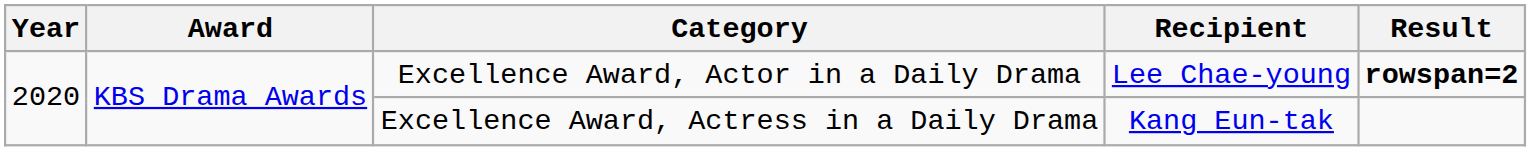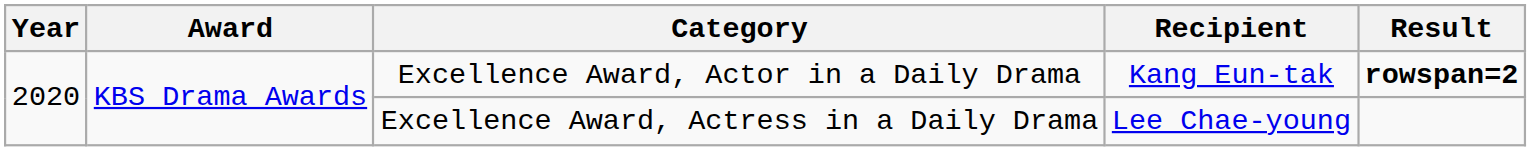 <table class="wikitable" style="text-align:center;">
 <tr>
 <th>Year</th>
 <th>Award</th>
 <th>Category</th>
 <th>Recipient</th>
 <th>Result</th>
 </tr>
 <tr>
 <td rowspan=2>2020</td>
 <td rowspan=5><a href='#'>KBS Drama Awards</a></td>
 <td>Excellence Award, Actor in a Daily Drama</td>
-<td><a href='#'>Lee Chae-young</a></td>
+<td><a href='#'>Kang Eun-tak</a></td>
 <td><strong>rowspan=2 </strong></td>
 </tr>
 <tr>
 <td>Excellence Award, Actress in a Daily Drama</td>
-<td><a href='#'>Kang Eun-tak</a></td>
+<td><a href='#'>Lee Chae-young</a></td>
 </tr>
 </table>
